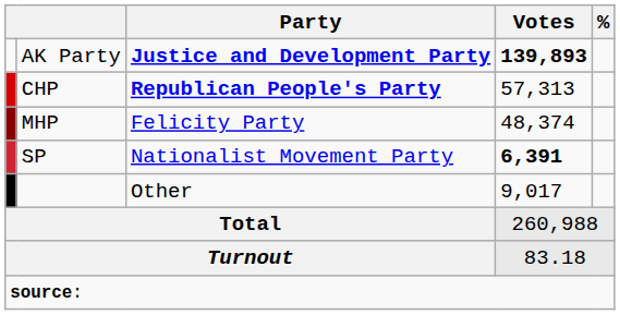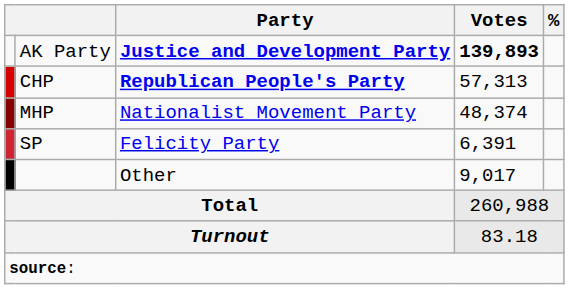 <table class="wikitable">
 <tr>
 <th colspan="2" align="center"></th>
 <th align="center">Party</th>
 <th align="center">Votes</th>
 <th align="center">%</th>
 </tr>
 <tr align="left">
 <td></td>
 <td>AK Party</td>
 <td><strong><a href='#'>Justice and Development Party</a></strong></td>
 <td><strong>139,893</strong></td>
 <td><strong></strong></td>
 </tr>
 <tr align="left">
 <td bgcolor="#d50000" width="1"></td>
 <td>CHP</td>
 <td><strong><a href='#'>Republican People's Party</a></strong></td>
 <td>57,313</td>
 <td></td>
 </tr>
 <tr align="left">
 <td bgcolor="#870000" width="1"></td>
 <td>MHP</td>
-<td><a href='#'>Felicity Party</a></td>
+<td><a href='#'>Nationalist Movement Party</a></td>
 <td>48,374</td>
 <td></td>
 </tr>
 <tr align="left">
 <td bgcolor="#D02433" width="1"></td>
 <td>SP</td>
-<td><a href='#'>Nationalist Movement Party</a></td>
-<td><strong>6,391</strong></td>
+<td><a href='#'>Felicity Party</a></td>
+<td>6,391</td>
 <td></td>
 </tr>
 <tr align="left">
 <td bgcolor=" " width="1"></td>
 <td></td>
 <td>Other</td>
 <td>9,017</td>
 <td></td>
 </tr>
 <tr align="left" style="background-color:#E9E9E9">
 <th colspan="3" align="center"><strong>Total</strong></th>
 <td colspan="5" align="center">260,988</td>
 </tr>
 <tr align="left" style="background-color:#E9E9E9">
 <th colspan="3" align="center"><em>Turnout</em></th>
 <td colspan="5" align="center">83.18</td>
 </tr>
 <tr>
 <td colspan="9" align="left"><small><strong>source</strong>: </small></td>
 </tr>
 </table>
